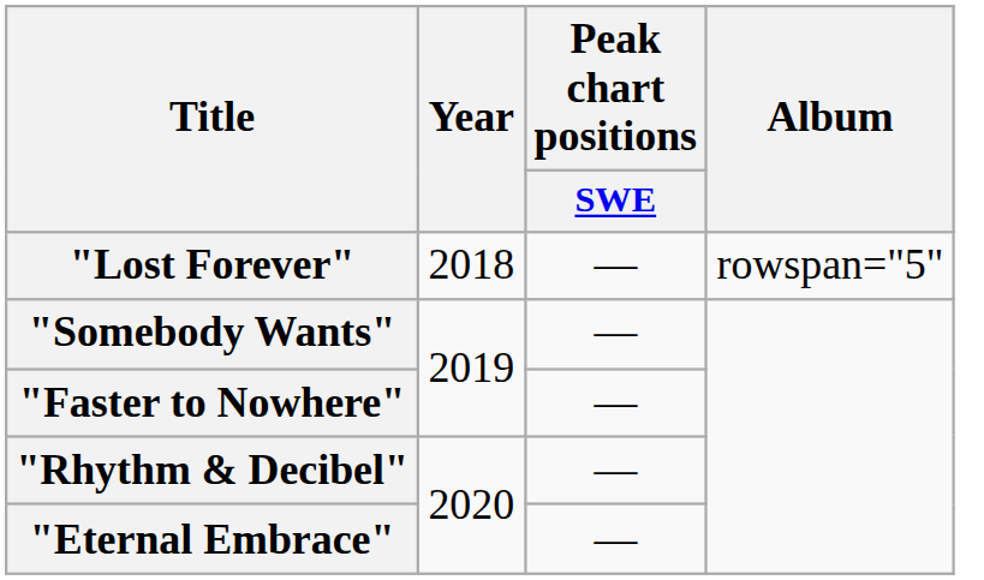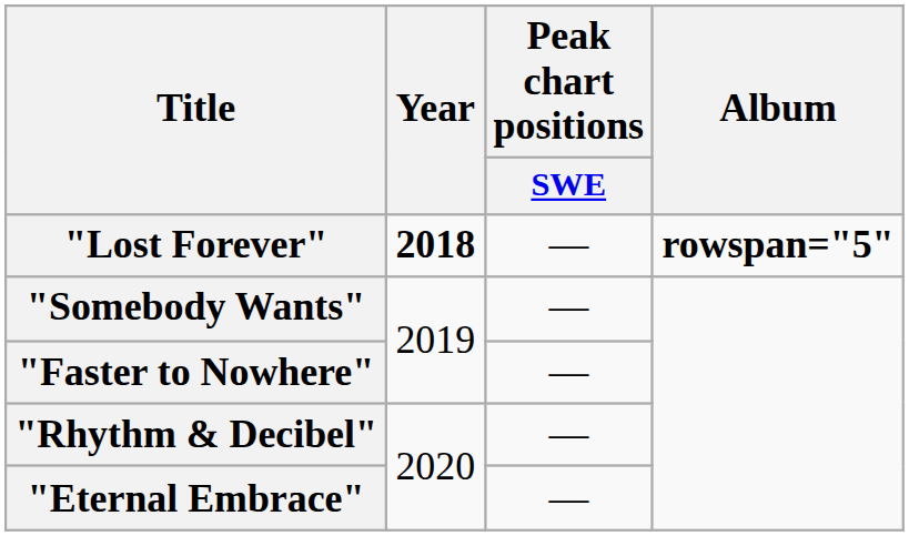 <table class="wikitable plainrowheaders" style="text-align:center;">
 <tr>
 <th scope="col" rowspan="2">Title</th>
 <th scope="col" rowspan="2">Year</th>
 <th scope="col" colspan="1">Peak chart positions</th>
 <th scope="col" rowspan="2">Album</th>
 </tr>
 <tr>
 <th scope="col" style="width:3em;font-size:85%;"><a href='#'>SWE</a><br></th>
 </tr>
 <tr>
 <th scope="row">"Lost Forever"</th>
-<td>2018</td>
+<td><strong>2018</strong></td>
 <td>—</td>
-<td>rowspan="5"</td>
+<td><strong>rowspan="5"</strong></td>
 </tr>
 <tr>
 <th scope="row">"Somebody Wants"</th>
 <td rowspan="2">2019</td>
 <td>—</td>
 </tr>
 <tr>
 <th scope="row">"Faster to Nowhere"</th>
 <td>—</td>
 </tr>
 <tr>
 <th scope="row">"Rhythm & Decibel"</th>
 <td rowspan="2">2020</td>
 <td>—</td>
 </tr>
 <tr>
 <th scope="row">"Eternal Embrace"</th>
 <td>—</td>
 </tr>
 </table>
